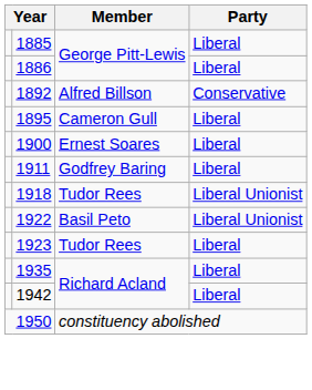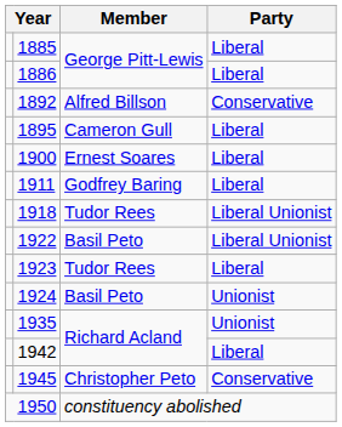 <table class="wikitable">
 <tr>
 <th colspan="2">Year</th>
 <th>Member</th>
 <th>Party</th>
 </tr>
 <tr>
 <td style="color:inherit;background-color: "></td>
 <td><a href='#'>1885</a></td>
 <td rowspan="2"><a href='#'>George Pitt-Lewis</a></td>
 <td><a href='#'>Liberal</a></td>
 </tr>
 <tr>
 <td style="color:inherit;background-color: "></td>
 <td><a href='#'>1886</a></td>
 <td><a href='#'>Liberal</a></td>
 </tr>
 <tr>
 <td style="color:inherit;background-color: "></td>
 <td><a href='#'>1892</a></td>
 <td><a href='#'>Alfred Billson</a></td>
 <td><a href='#'>Conservative</a></td>
 </tr>
 <tr>
 <td style="color:inherit;background-color: "></td>
 <td><a href='#'>1895</a></td>
 <td><a href='#'>Cameron Gull</a></td>
 <td><a href='#'>Liberal</a></td>
 </tr>
 <tr>
 <td style="color:inherit;background-color: "></td>
 <td><a href='#'>1900</a></td>
 <td><a href='#'>Ernest Soares</a></td>
 <td><a href='#'>Liberal</a></td>
 </tr>
 <tr>
 <td style="color:inherit;background-color: "></td>
 <td><a href='#'>1911</a></td>
 <td><a href='#'>Godfrey Baring</a></td>
 <td><a href='#'>Liberal</a></td>
 </tr>
 <tr>
 <td style="color:inherit;background-color: "></td>
 <td><a href='#'>1918</a></td>
 <td><a href='#'>Tudor Rees</a></td>
 <td><a href='#'>Liberal Unionist</a></td>
 </tr>
 <tr>
 <td style="color:inherit;background-color: "></td>
 <td><a href='#'>1922</a></td>
 <td><a href='#'>Basil Peto</a></td>
 <td><a href='#'>Liberal Unionist</a></td>
 </tr>
 <tr>
 <td style="color:inherit;background-color: "></td>
 <td><a href='#'>1923</a></td>
 <td><a href='#'>Tudor Rees</a></td>
 <td><a href='#'>Liberal</a></td>
 </tr>
 <tr>
 <td style="color:inherit;background-color: "></td>
+<td><a href='#'>1924</a></td>
+<td><a href='#'>Basil Peto</a></td>
+<td><a href='#'>Unionist</a></td>
+</tr>
+<tr>
+<td style="color:inherit;background-color: "></td>
 <td><a href='#'>1935</a></td>
 <td rowspan="2"><a href='#'>Richard Acland</a></td>
-<td><a href='#'>Liberal</a></td>
+<td><a href='#'>Unionist</a></td>
 </tr>
 <tr>
 <td style="color:inherit;background-color: "></td>
 <td>1942</td>
 <td><a href='#'>Liberal</a></td>
 </tr>
 <tr>
+<td style="color:inherit;background-color: "></td>
+<td><a href='#'>1945</a></td>
+<td><a href='#'>Christopher Peto</a></td>
+<td><a href='#'>Conservative</a></td>
+</tr>
+<tr>
 <td colspan="2" align="right"><a href='#'>1950</a></td>
 <td colspan="2"><em>constituency abolished</em></td>
 </tr>
 </table>
